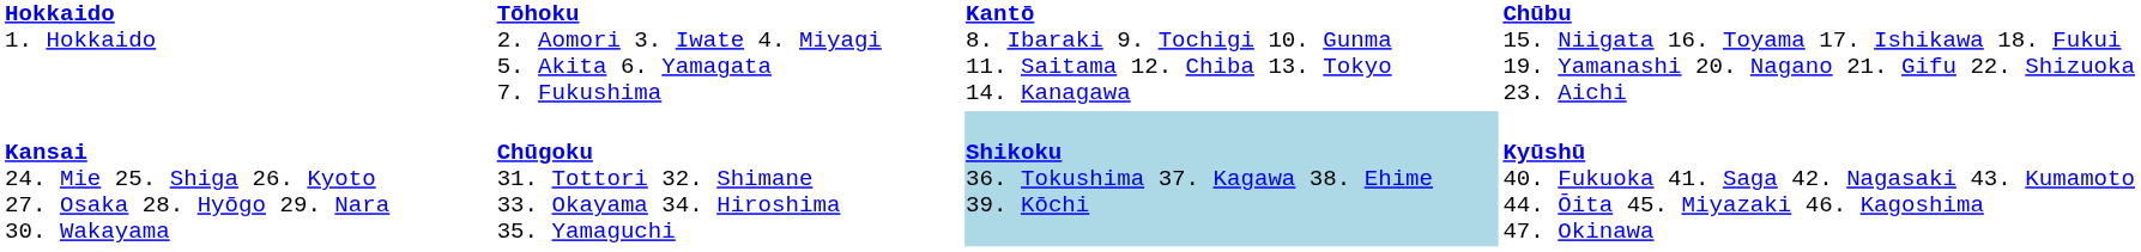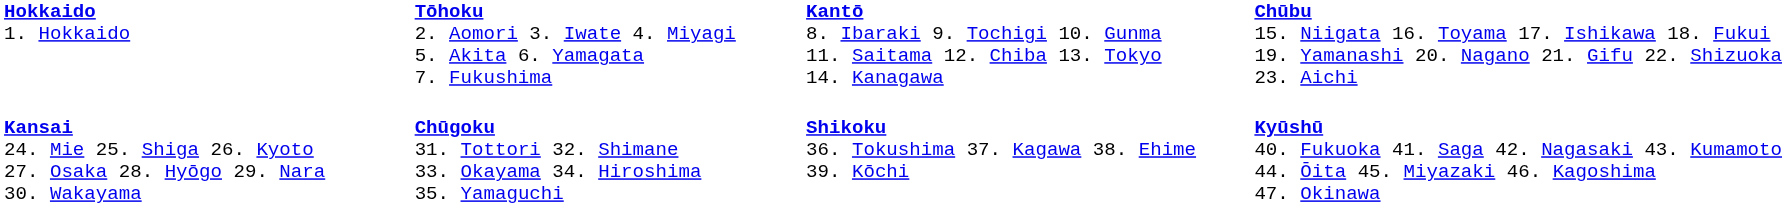 <table>
 <tr>
 <td rowspan="2"></td>
 <td style="padding-right:1em; padding-left:2em; vertical-align:top;"><br><div> <strong><a href='#'>Hokkaido</a></strong></div>1. <a href='#'>Hokkaido</a></td>
 <td style="padding-right:1em; vertical-align:top;"><br><div><strong> <a href='#'>Tōhoku</a></strong></div>2. <a href='#'>Aomori</a> 3. <a href='#'>Iwate</a> 4. <a href='#'>Miyagi</a> 5. <a href='#'>Akita</a> 6. <a href='#'>Yamagata</a> 7. <a href='#'>Fukushima</a></td>
 <td style="padding-right:1em; vertical-align:top;"><br><div><strong> <a href='#'>Kantō</a></strong></div>8. <a href='#'>Ibaraki</a> 9. <a href='#'>Tochigi</a> 10. <a href='#'>Gunma</a> 11. <a href='#'>Saitama</a> 12. <a href='#'>Chiba</a> 13. <a href='#'>Tokyo</a> 14. <a href='#'>Kanagawa</a></td>
 <td style="padding-right:1em; vertical-align:top;"><br><div><strong> <a href='#'>Chūbu</a></strong></div>15. <a href='#'>Niigata</a> 16. <a href='#'>Toyama</a> 17. <a href='#'>Ishikawa</a> 18. <a href='#'>Fukui</a> 19. <a href='#'>Yamanashi</a> 20. <a href='#'>Nagano</a> 21. <a href='#'>Gifu</a> 22. <a href='#'>Shizuoka</a> 23. <a href='#'>Aichi</a></td>
 </tr>
 <tr>
 <td style="padding-right:1em; padding-left:2em; vertical-align:top;"><br><div><strong> <a href='#'>Kansai</a></strong></div>24. <a href='#'>Mie</a> 25. <a href='#'>Shiga</a> 26. <a href='#'>Kyoto</a> 27. <a href='#'>Osaka</a> 28. <a href='#'>Hyōgo</a> 29. <a href='#'>Nara</a> 30. <a href='#'>Wakayama</a></td>
 <td style="padding-right:1em; vertical-align:top;"><br><div><strong> <a href='#'>Chūgoku</a></strong></div>31. <a href='#'>Tottori</a> 32. <a href='#'>Shimane</a> 33. <a href='#'>Okayama</a> 34. <a href='#'>Hiroshima</a> 35. <a href='#'>Yamaguchi</a></td>
-<td style="background: lightblue; padding-right:1em; vertical-align:top;"><br><div><strong> <a href='#'>Shikoku</a></strong></div>36. <a href='#'>Tokushima</a> 37. <a href='#'>Kagawa</a> 38. <a href='#'>Ehime</a> 39. <a href='#'>Kōchi</a></td>
+<td style="padding-right:1em; vertical-align:top;"><br><div><strong> <a href='#'>Shikoku</a></strong></div>36. <a href='#'>Tokushima</a> 37. <a href='#'>Kagawa</a> 38. <a href='#'>Ehime</a> 39. <a href='#'>Kōchi</a></td>
 <td style="padding-right:1em; vertical-align:top;"><br><div><strong> <a href='#'>Kyūshū</a></strong></div>40. <a href='#'>Fukuoka</a> 41. <a href='#'>Saga</a> 42. <a href='#'>Nagasaki</a> 43. <a href='#'>Kumamoto</a> 44. <a href='#'>Ōita</a> 45. <a href='#'>Miyazaki</a> 46. <a href='#'>Kagoshima</a> 47. <a href='#'>Okinawa</a></td>
 </tr>
 </table>
